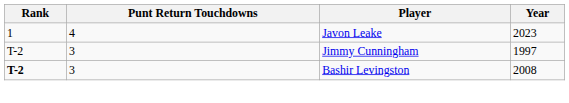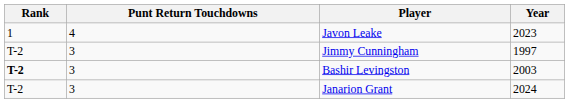 <table class="wikitable" style="width:60%;">
 <tr>
 <th>Rank</th>
 <th>Punt Return Touchdowns</th>
 <th>Player</th>
 <th>Year</th>
 </tr>
 <tr>
 <td>1</td>
 <td>4</td>
 <td><a href='#'>Javon Leake</a></td>
 <td>2023</td>
 </tr>
 <tr>
 <td>T-2</td>
 <td>3</td>
 <td><a href='#'>Jimmy Cunningham</a></td>
 <td>1997</td>
 </tr>
 <tr>
 <td><strong>T-2</strong></td>
 <td>3</td>
 <td><a href='#'>Bashir Levingston</a></td>
-<td>2008</td>
+<td>2003</td>
+</tr>
+<tr>
+<td>T-2</td>
+<td>3</td>
+<td><a href='#'>Janarion Grant</a></td>
+<td>2024</td>
 </tr>
 </table>
